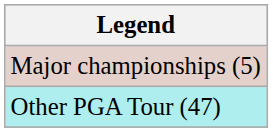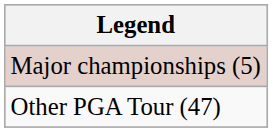 <table class="wikitable" style="font-size:95%;">
 <tr>
 <th>Legend</th>
 </tr>
 <tr style="background:#e5d1cb;">
 <td>Major championships (5)</td>
 </tr>
 <tr>
-<td style="background: paleturquoise;">Other PGA Tour (47)</td>
+<td>Other PGA Tour (47)</td>
 </tr>
 </table>
